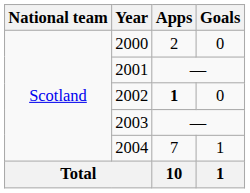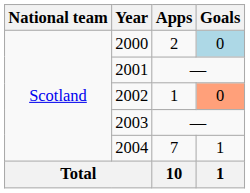 <table class="wikitable" style="text-align:center">
 <tr>
 <th>National team</th>
 <th>Year</th>
 <th>Apps</th>
 <th>Goals</th>
 </tr>
 <tr>
 <td rowspan="5"><a href='#'>Scotland</a></td>
 <td>2000</td>
 <td>2</td>
-<td>0</td>
+<td style="background: lightblue;">0</td>
 </tr>
 <tr>
 <td>2001</td>
 <td colspan="2">—</td>
 </tr>
 <tr>
 <td>2002</td>
-<td><strong>1</strong></td>
-<td>0</td>
+<td>1</td>
+<td style="background: lightsalmon;">0</td>
 </tr>
 <tr>
 <td>2003</td>
 <td colspan="2">—</td>
 </tr>
 <tr>
 <td>2004</td>
 <td>7</td>
 <td>1</td>
 </tr>
 <tr>
 <th colspan="2">Total</th>
 <th>10</th>
 <th>1</th>
 </tr>
 </table>
